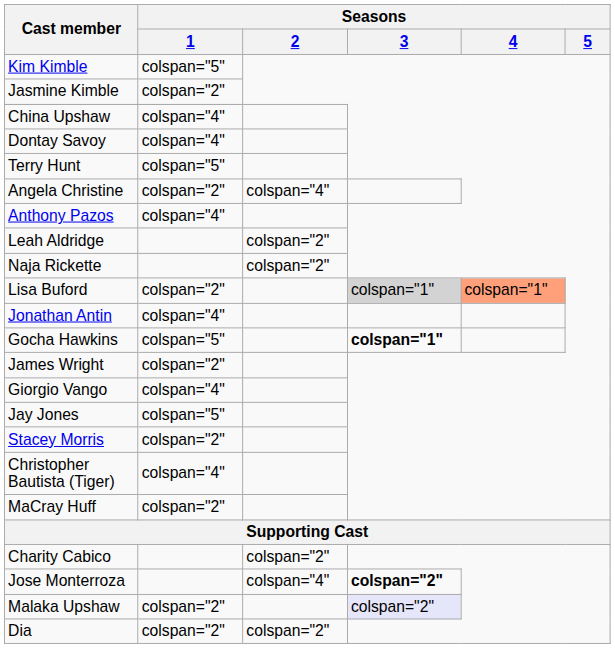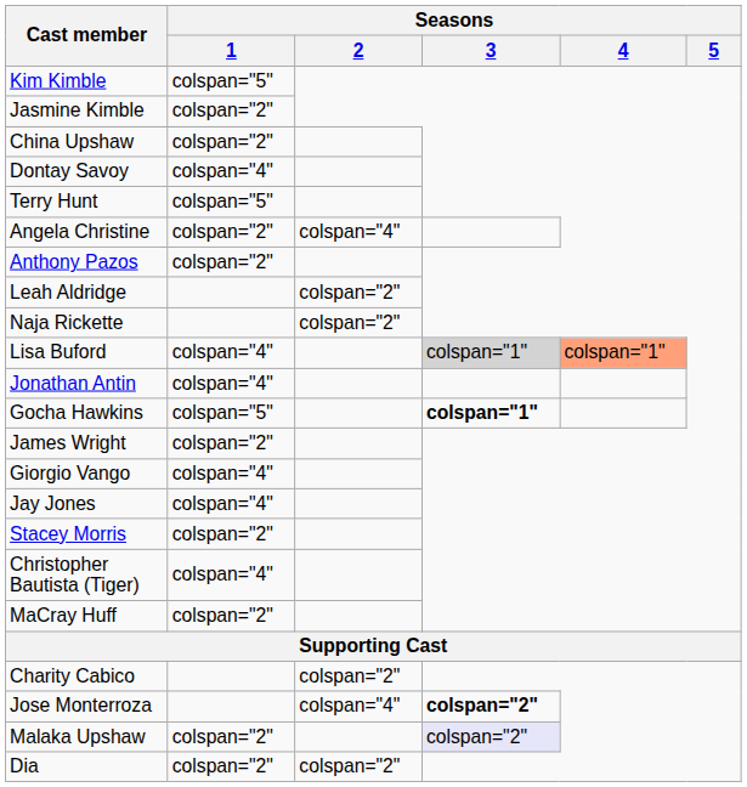 <table class="wikitable plainrowheaders" style="width:70%;">
 <tr>
 <th rowspan="2" style="width:15%;">Cast member</th>
 <th colspan="5">Seasons</th>
 </tr>
 <tr>
 <th style="width:5%;"><a href='#'>1</a></th>
 <th style="width:5%;"><a href='#'>2</a></th>
 <th style="width:5%;"><a href='#'>3</a></th>
 <th style="width:5%;"><a href='#'>4</a></th>
 <th style="width:5%;"><a href='#'>5</a></th>
 </tr>
 <tr>
 <td><a href='#'>Kim Kimble</a></td>
 <td>colspan="5" </td>
 </tr>
 <tr>
 <td>Jasmine Kimble</td>
 <td>colspan="2" </td>
 </tr>
 <tr>
 </tr>
 <tr>
 <td>China Upshaw</td>
-<td>colspan="4" </td>
+<td>colspan="2" </td>
 <td></td>
 </tr>
 <tr>
 <td>Dontay Savoy</td>
 <td>colspan="4" </td>
 <td></td>
 </tr>
 <tr>
 <td>Terry Hunt</td>
 <td>colspan="5" </td>
 <td></td>
 </tr>
 <tr>
 <td>Angela Christine</td>
 <td>colspan="2" </td>
 <td>colspan="4" </td>
 <td></td>
 </tr>
 <tr>
 <td><a href='#'>Anthony Pazos</a></td>
-<td>colspan="4" </td>
+<td>colspan="2" </td>
 <td></td>
 </tr>
 <tr>
 <td>Leah Aldridge</td>
 <td></td>
 <td>colspan="2" </td>
 </tr>
 <tr>
 <td>Naja Rickette</td>
 <td></td>
 <td>colspan="2" </td>
 </tr>
 <tr>
 <td>Lisa Buford</td>
-<td>colspan="2" </td>
+<td>colspan="4" </td>
 <td></td>
 <td style="background: lightgrey;">colspan="1" </td>
 <td style="background: lightsalmon;">colspan="1" </td>
 </tr>
 <tr>
 <td><a href='#'>Jonathan Antin</a></td>
 <td>colspan="4" </td>
 <td></td>
 <td></td>
 <td></td>
 </tr>
 <tr>
 <td>Gocha Hawkins</td>
 <td>colspan="5" </td>
 <td></td>
 <td><strong>colspan="1" </strong></td>
 <td></td>
 </tr>
 <tr>
 <td>James Wright</td>
 <td>colspan="2" </td>
 <td></td>
 </tr>
 <tr>
 <td>Giorgio Vango</td>
 <td>colspan="4" </td>
 <td></td>
 </tr>
 <tr>
 <td>Jay Jones</td>
-<td>colspan="5" </td>
+<td>colspan="4" </td>
 <td></td>
 </tr>
 <tr>
 <td><a href='#'>Stacey Morris</a></td>
 <td>colspan="2" </td>
 <td></td>
 </tr>
 <tr>
 <td>Christopher Bautista (Tiger)</td>
 <td>colspan="4" </td>
 <td></td>
 </tr>
 <tr>
 <td>MaCray Huff</td>
 <td>colspan="2" </td>
 <td></td>
 </tr>
 <tr>
 <th colspan="8">Supporting Cast</th>
 </tr>
 <tr>
 <td>Charity Cabico</td>
 <td></td>
 <td>colspan="2" </td>
 </tr>
 <tr>
 <td>Jose Monterroza</td>
 <td></td>
 <td>colspan="4" </td>
 <td><strong>colspan="2" </strong></td>
 </tr>
 <tr>
 <td>Malaka Upshaw</td>
 <td>colspan="2" </td>
 <td></td>
 <td style="background: lavender;">colspan="2" </td>
 </tr>
 <tr>
 <td>Dia</td>
 <td>colspan="2" </td>
 <td>colspan="2" </td>
 </tr>
 </table>
